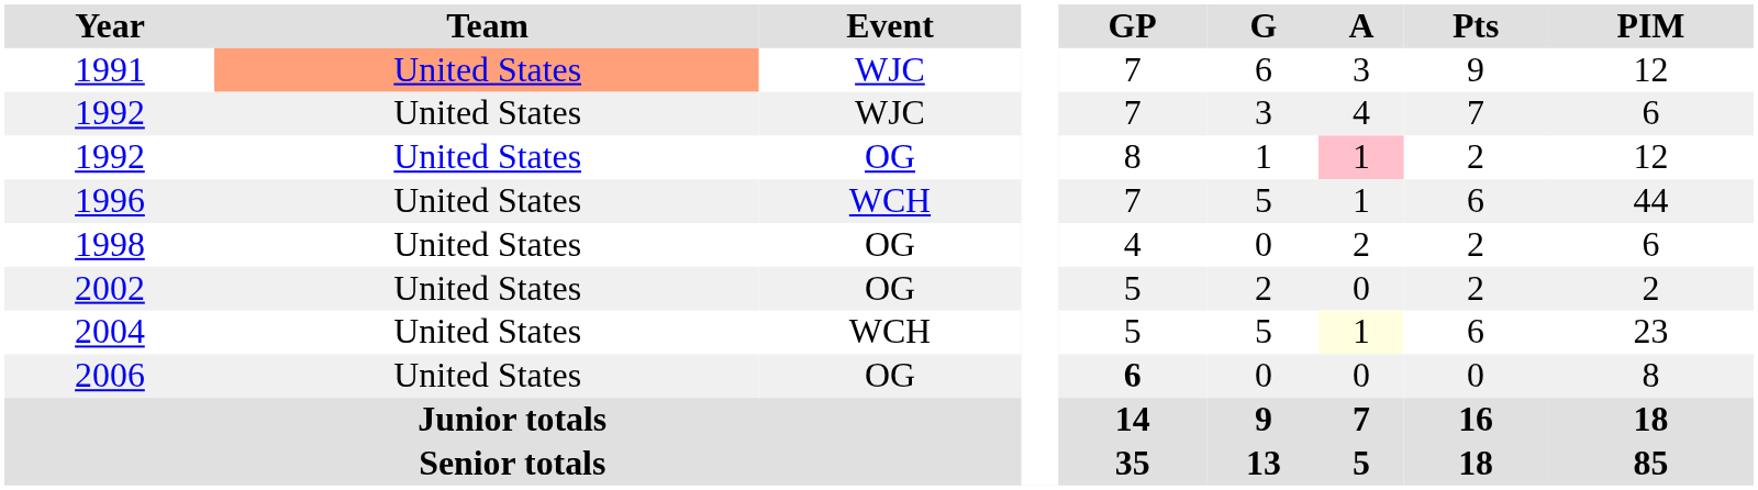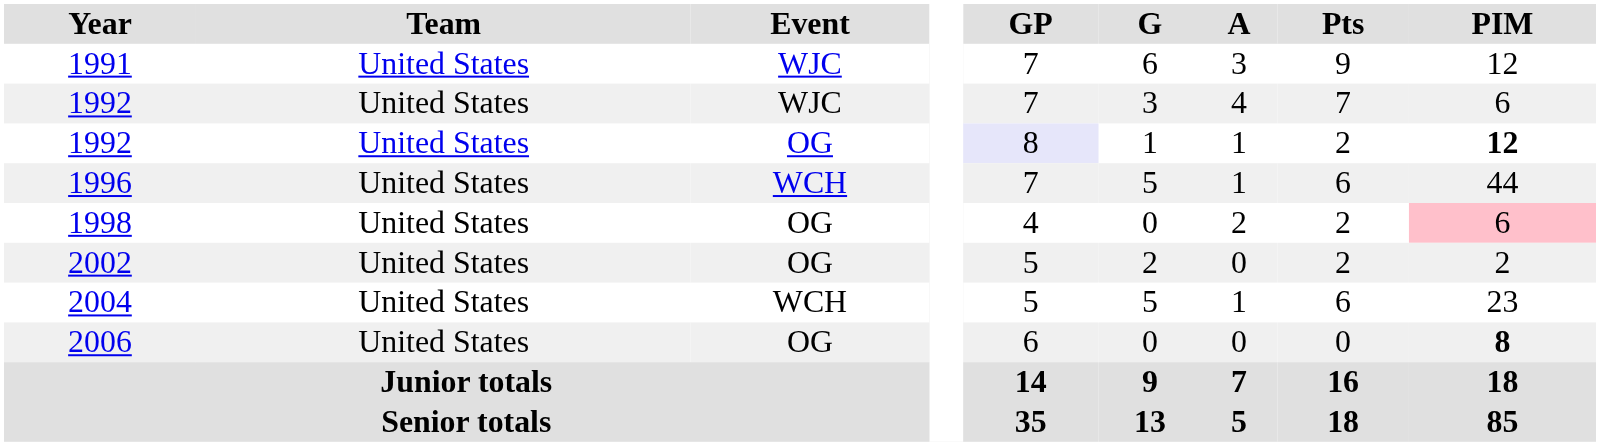 <table border="0" cellpadding="1" cellspacing="0" style="text-align:center; width:50em">
 <tr ALIGN="center" bgcolor="#e0e0e0">
 <th>Year</th>
 <th>Team</th>
 <th>Event</th>
 <th rowspan="99" bgcolor="#ffffff"> </th>
 <th>GP</th>
 <th>G</th>
 <th>A</th>
 <th>Pts</th>
 <th>PIM</th>
 </tr>
 <tr>
 <td><a href='#'>1991</a></td>
-<td style="background: lightsalmon;"><a href='#'>United States</a></td>
+<td><a href='#'>United States</a></td>
 <td><a href='#'>WJC</a></td>
 <td>7</td>
 <td>6</td>
 <td>3</td>
 <td>9</td>
 <td>12</td>
 </tr>
 <tr bgcolor="#f0f0f0">
 <td><a href='#'>1992</a></td>
 <td>United States</td>
 <td>WJC</td>
 <td>7</td>
 <td>3</td>
 <td>4</td>
 <td>7</td>
 <td>6</td>
 </tr>
 <tr>
 <td><a href='#'>1992</a></td>
 <td><a href='#'>United States</a></td>
 <td><a href='#'>OG</a></td>
-<td>8</td>
+<td style="background: lavender;">8</td>
 <td>1</td>
-<td style="background: pink;">1</td>
+<td>1</td>
 <td>2</td>
-<td>12</td>
+<td><strong>12</strong></td>
 </tr>
 <tr bgcolor="#f0f0f0">
 <td><a href='#'>1996</a></td>
 <td>United States</td>
 <td><a href='#'>WCH</a></td>
 <td>7</td>
 <td>5</td>
 <td>1</td>
 <td>6</td>
 <td>44</td>
 </tr>
 <tr>
 <td><a href='#'>1998</a></td>
 <td>United States</td>
 <td>OG</td>
 <td>4</td>
 <td>0</td>
 <td>2</td>
 <td>2</td>
-<td>6</td>
+<td style="background: pink;">6</td>
 </tr>
 <tr bgcolor="#f0f0f0">
 <td><a href='#'>2002</a></td>
 <td>United States</td>
 <td>OG</td>
 <td>5</td>
 <td>2</td>
 <td>0</td>
 <td>2</td>
 <td>2</td>
 </tr>
 <tr>
 <td><a href='#'>2004</a></td>
 <td>United States</td>
 <td>WCH</td>
 <td>5</td>
 <td>5</td>
-<td style="background: lightyellow;">1</td>
+<td>1</td>
 <td>6</td>
 <td>23</td>
 </tr>
 <tr bgcolor="#f0f0f0">
 <td><a href='#'>2006</a></td>
 <td>United States</td>
 <td>OG</td>
-<td><strong>6</strong></td>
+<td>6</td>
 <td>0</td>
 <td>0</td>
 <td>0</td>
-<td>8</td>
+<td><strong>8</strong></td>
 </tr>
 <tr bgcolor="#e0e0e0">
 <th colspan="3">Junior totals</th>
 <th>14</th>
 <th>9</th>
 <th>7</th>
 <th>16</th>
 <th>18</th>
 </tr>
 <tr bgcolor="#e0e0e0">
 <th colspan=3>Senior totals</th>
 <th>35</th>
 <th>13</th>
 <th>5</th>
 <th>18</th>
 <th>85</th>
 </tr>
 </table>
